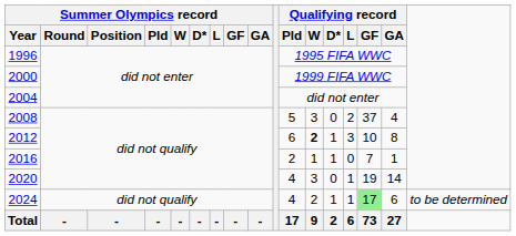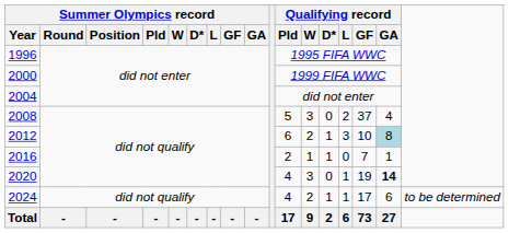 <table class="wikitable" style="text-align: center;">
 <tr>
 <th colspan=9><a href='#'>Summer Olympics</a> record</th>
 <th rowspan=12></th>
 <th colspan=6><a href='#'>Qualifying</a> record</th>
 </tr>
 <tr>
 <th>Year</th>
 <th>Round</th>
 <th>Position</th>
 <th>Pld</th>
 <th>W</th>
 <th>D*</th>
 <th>L</th>
 <th>GF</th>
 <th>GA</th>
 <th>Pld</th>
 <th>W</th>
 <th>D*</th>
 <th>L</th>
 <th>GF</th>
 <th>GA</th>
 </tr>
 <tr>
 <td> <a href='#'>1996</a></td>
 <td colspan=8 rowspan=3><em>did not enter</em></td>
 <td colspan=6><em><a href='#'>1995 FIFA WWC</a></em></td>
 </tr>
 <tr>
 <td> <a href='#'>2000</a></td>
 <td colspan=6><em><a href='#'>1999 FIFA WWC</a></em></td>
 </tr>
 <tr>
 <td> <a href='#'>2004</a></td>
 <td colspan=6><em>did not enter</em></td>
 </tr>
 <tr>
 <td> <a href='#'>2008</a></td>
 <td colspan=8 rowspan=4><em>did not qualify</em></td>
 <td>5</td>
 <td>3</td>
 <td>0</td>
 <td>2</td>
 <td>37</td>
 <td>4</td>
 </tr>
 <tr>
 <td> <a href='#'>2012</a></td>
 <td>6</td>
-<td><strong>2</strong></td>
+<td>2</td>
 <td>1</td>
 <td>3</td>
 <td>10</td>
-<td>8</td>
+<td style="background: lightblue;">8</td>
 </tr>
 <tr>
 <td> <a href='#'>2016</a></td>
 <td>2</td>
 <td>1</td>
 <td>1</td>
 <td>0</td>
 <td>7</td>
 <td>1</td>
 </tr>
 <tr>
 <td> <a href='#'>2020</a></td>
 <td>4</td>
 <td>3</td>
 <td>0</td>
 <td>1</td>
 <td>19</td>
-<td>14</td>
+<td><strong>14</strong></td>
 </tr>
 <tr>
 <td> <a href='#'>2024</a></td>
 <td colspan=8><em>did not qualify</em></td>
 <td>4</td>
 <td>2</td>
 <td>1</td>
 <td>1</td>
-<td style="background: lightgreen;">17</td>
+<td>17</td>
 <td>6</td>
 <td colspan=8><em>to be determined</em></td>
 </tr>
 <tr>
 <th>Total</th>
 <th>-</th>
 <th>-</th>
 <th>-</th>
 <th>-</th>
 <th>-</th>
 <th>-</th>
 <th>-</th>
 <th>-</th>
 <th>17</th>
 <th>9</th>
 <th>2</th>
 <th>6</th>
 <th>73</th>
 <th>27</th>
 </tr>
 </table>
